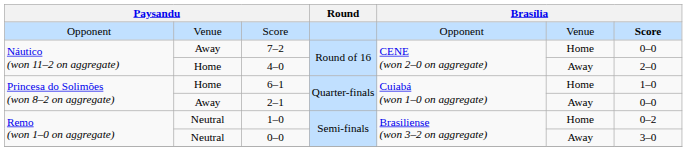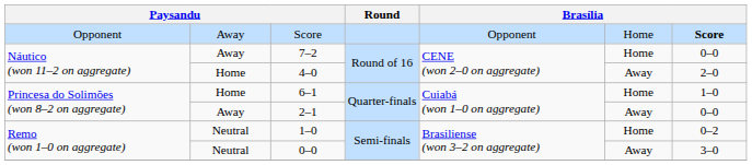 <table class="wikitable" style="text-align: center;">
 <tr>
 <th colspan=3> <a href='#'>Paysandu</a></th>
 <th>Round</th>
 <th colspan=3> <a href='#'>Brasília</a></th>
 </tr>
 <tr bgcolor=#c1e0ff>
 <td width=25%>Opponent</td>
-<td width=10%>Venue</td>
+<td>Away</td>
 <td width=10%>Score</td>
 <td width=10%></td>
 <td width=25%>Opponent</td>
-<td width=10%>Venue</td>
+<td>Home</td>
 <td width=10%><strong>Score</strong></td>
 </tr>
 <tr>
 <td rowspan=2 align=left> <a href='#'>Náutico</a><br><em>(won 11–2 on aggregate)</em></td>
 <td>Away</td>
 <td>7–2</td>
 <td rowspan=2 bgcolor=#c1e0ff>Round of 16</td>
 <td rowspan=2 align=left> <a href='#'>CENE</a><br><em>(won 2–0 on aggregate)</em></td>
 <td>Home</td>
 <td>0–0</td>
 </tr>
 <tr>
 <td>Home</td>
 <td>4–0</td>
 <td>Away</td>
 <td>2–0</td>
 </tr>
 <tr>
 <td rowspan=2 align=left> <a href='#'>Princesa do Solimões</a><br><em>(won 8–2 on aggregate)</em></td>
 <td>Home</td>
 <td>6–1</td>
 <td rowspan=2 bgcolor=#c1e0ff>Quarter-finals</td>
 <td rowspan=2 align=left> <a href='#'>Cuiabá</a><br><em>(won 1–0 on aggregate)</em></td>
 <td>Home</td>
 <td>1–0</td>
 </tr>
 <tr>
 <td>Away</td>
 <td>2–1</td>
 <td>Away</td>
 <td>0–0</td>
 </tr>
 <tr>
 <td rowspan=2 align=left> <a href='#'>Remo</a><br><em>(won 1–0 on aggregate)</em></td>
 <td>Neutral</td>
 <td>1–0</td>
 <td rowspan=2 bgcolor=#c1e0ff>Semi-finals</td>
 <td rowspan=2 align=left> <a href='#'>Brasiliense</a><br><em>(won 3–2 on aggregate)</em></td>
 <td>Home</td>
 <td>0–2</td>
 </tr>
 <tr>
 <td>Neutral</td>
 <td>0–0</td>
 <td>Away</td>
 <td>3–0</td>
 </tr>
 <tr>
 </tr>
 </table>
